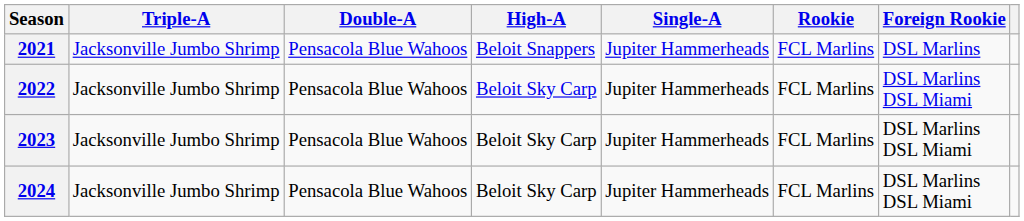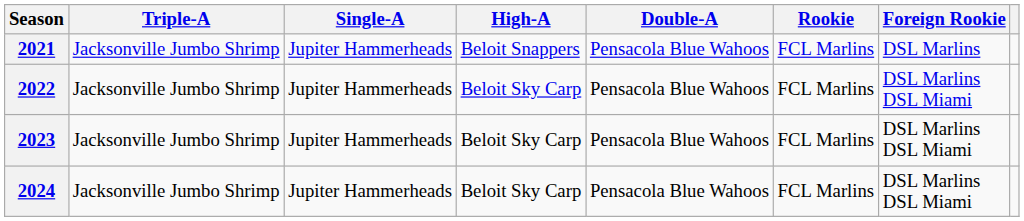 <table class="wikitable plainrowheaders">
 <tr>
 <th scope="col">Season</th>
 <th scope="col"><a href='#'><span>Triple-A</span></a></th>
+<th scope="col"><a href='#'><span>Single-A</span></a></th>
+<th scope="col"><a href='#'><span>High-A</span></a></th>
 <th scope="col"><a href='#'><span>Double-A</span></a></th>
-<th scope="col"><a href='#'><span>High-A</span></a></th>
-<th scope="col"><a href='#'><span>Single-A</span></a></th>
 <th scope="col"><a href='#'><span>Rookie</span></a></th>
 <th scope="col"><a href='#'><span>Foreign Rookie</span></a></th>
 <th scope="col"></th>
 </tr>
 <tr>
 <th scope="row" style="text-align:center"><a href='#'>2021</a></th>
 <td><a href='#'>Jacksonville Jumbo Shrimp</a></td>
+<td><a href='#'>Jupiter Hammerheads</a></td>
+<td><a href='#'>Beloit Snappers</a></td>
 <td><a href='#'>Pensacola Blue Wahoos</a></td>
-<td><a href='#'>Beloit Snappers</a></td>
-<td><a href='#'>Jupiter Hammerheads</a></td>
 <td><a href='#'>FCL Marlins</a></td>
 <td><a href='#'>DSL Marlins</a></td>
 <td align="center"></td>
 </tr>
 <tr>
 <th scope="row" style="text-align:center"><a href='#'>2022</a></th>
 <td>Jacksonville Jumbo Shrimp</td>
+<td>Jupiter Hammerheads</td>
+<td><a href='#'>Beloit Sky Carp</a></td>
 <td>Pensacola Blue Wahoos</td>
-<td><a href='#'>Beloit Sky Carp</a></td>
-<td>Jupiter Hammerheads</td>
 <td>FCL Marlins</td>
 <td><a href='#'>DSL Marlins</a><br><a href='#'>DSL Miami</a></td>
 <td align="center"></td>
 </tr>
 <tr>
 <th scope="row" style="text-align:center"><a href='#'>2023</a></th>
 <td>Jacksonville Jumbo Shrimp</td>
+<td>Jupiter Hammerheads</td>
+<td>Beloit Sky Carp</td>
 <td>Pensacola Blue Wahoos</td>
-<td>Beloit Sky Carp</td>
-<td>Jupiter Hammerheads</td>
 <td>FCL Marlins</td>
 <td>DSL Marlins<br>DSL Miami</td>
 <td align="center"></td>
 </tr>
 <tr>
 <th scope="row" style="text-align:center"><a href='#'>2024</a></th>
 <td>Jacksonville Jumbo Shrimp</td>
+<td>Jupiter Hammerheads</td>
+<td>Beloit Sky Carp</td>
 <td>Pensacola Blue Wahoos</td>
-<td>Beloit Sky Carp</td>
-<td>Jupiter Hammerheads</td>
 <td>FCL Marlins</td>
 <td>DSL Marlins<br>DSL Miami</td>
 <td align="center"></td>
 </tr>
 </table>
